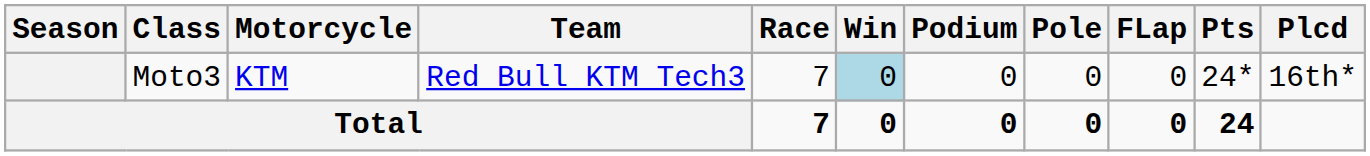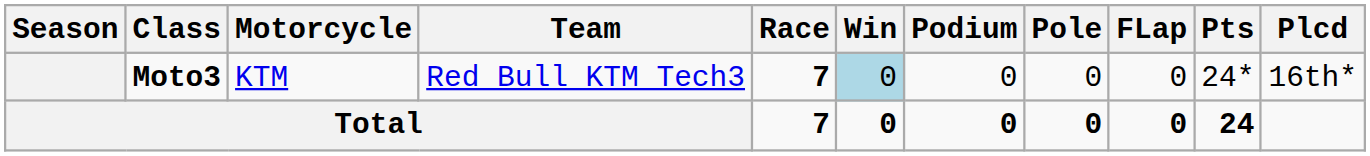 <table class="wikitable" style="text-align:right;">
 <tr>
 <th>Season</th>
 <th>Class</th>
 <th>Motorcycle</th>
 <th>Team</th>
 <th>Race</th>
 <th>Win</th>
 <th>Podium</th>
 <th>Pole</th>
 <th>FLap</th>
 <th>Pts</th>
 <th>Plcd</th>
 </tr>
 <tr>
 <th></th>
-<td>Moto3</td>
+<td><strong>Moto3</strong></td>
 <td style="text-align:left;"><a href='#'>KTM</a></td>
 <td style="text-align:left;"><a href='#'>Red Bull KTM Tech3</a></td>
-<td>7</td>
+<td><strong>7</strong></td>
 <td style="background: lightblue;">0</td>
 <td>0</td>
 <td>0</td>
 <td>0</td>
 <td>24*</td>
 <td>16th*</td>
 </tr>
 <tr>
 <th colspan="4">Total</th>
 <td><strong>7</strong></td>
 <td><strong>0</strong></td>
 <td><strong>0</strong></td>
 <td><strong>0</strong></td>
 <td><strong>0</strong></td>
 <td><strong>24</strong></td>
 <td></td>
 </tr>
 </table>
